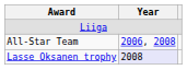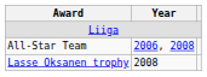 <table class="wikitable">
 <tr>
 <th>Award</th>
 <th>Year</th>
 <th></th>
 </tr>
 <tr ALIGN="center" bgcolor="#e0e0e0">
 <td colspan="3"><a href='#'>Liiga</a></td>
 </tr>
 <tr>
 <td>All-Star Team</td>
 <td><a href='#'>2006</a>, <a href='#'>2008</a></td>
 <td></td>
 </tr>
 <tr>
 <td><a href='#'>Lasse Oksanen trophy</a></td>
-<td style="background: lavender;">2008</td>
+<td>2008</td>
 <td></td>
 </tr>
 </table>
